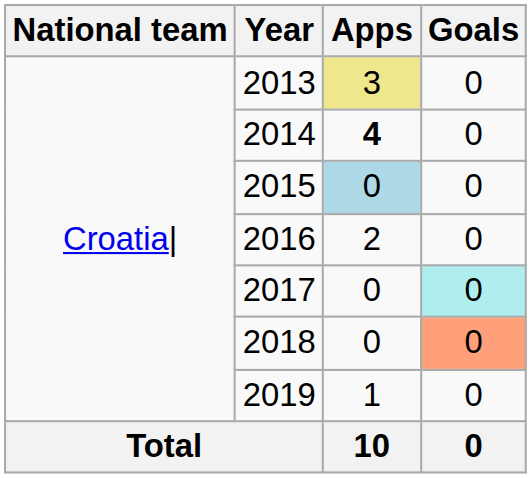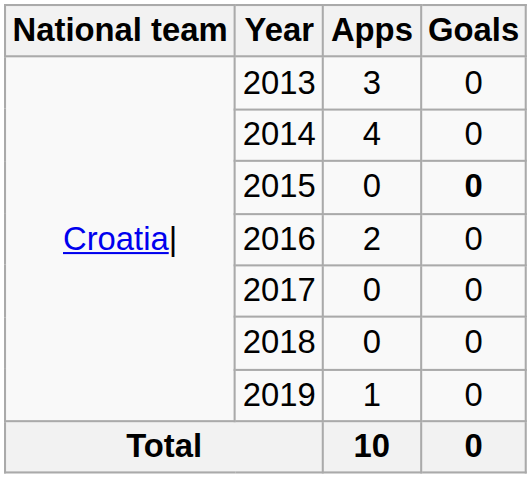 <table class="wikitable" style="text-align:center">
 <tr>
 <th>National team</th>
 <th>Year</th>
 <th>Apps</th>
 <th>Goals</th>
 </tr>
 <tr>
 <td rowspan="7"><a href='#'>Croatia</a>|</td>
 <td>2013</td>
-<td style="background: khaki;">3</td>
+<td>3</td>
 <td>0</td>
 </tr>
 <tr>
 <td>2014</td>
-<td><strong>4</strong></td>
+<td>4</td>
 <td>0</td>
 </tr>
 <tr>
 <td>2015</td>
-<td style="background: lightblue;">0</td>
 <td>0</td>
+<td><strong>0</strong></td>
 </tr>
 <tr>
 <td>2016</td>
 <td>2</td>
 <td>0</td>
 </tr>
 <tr>
 <td>2017</td>
 <td>0</td>
-<td style="background: paleturquoise;">0</td>
+<td>0</td>
 </tr>
 <tr>
 <td>2018</td>
 <td>0</td>
-<td style="background: lightsalmon;">0</td>
+<td>0</td>
 </tr>
 <tr>
 <td>2019</td>
 <td>1</td>
 <td>0</td>
 </tr>
 <tr>
 <th colspan="2">Total</th>
 <th>10</th>
 <th>0</th>
 </tr>
 </table>
